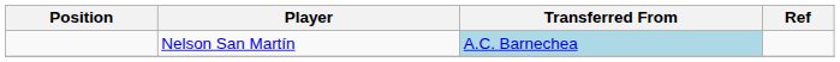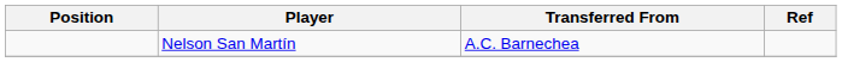 <table class="wikitable sortable" style="width:65%; text-align:center; font-size:100%; text-align:left;">
 <tr>
 <th><strong>Position</strong></th>
 <th><strong>Player</strong></th>
 <th><strong>Transferred From</strong></th>
 <th><strong>Ref</strong></th>
 </tr>
 <tr>
 <td></td>
 <td> <a href='#'>Nelson San Martín</a></td>
-<td style="background: lightblue;"> <a href='#'>A.C. Barnechea</a></td>
+<td> <a href='#'>A.C. Barnechea</a></td>
 <td></td>
 </tr>
 <tr>
 </tr>
 </table>
